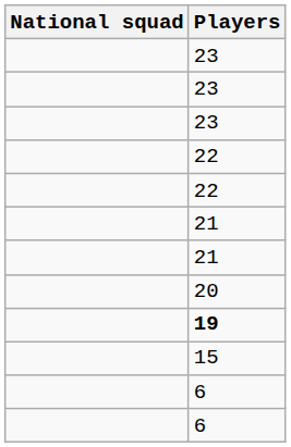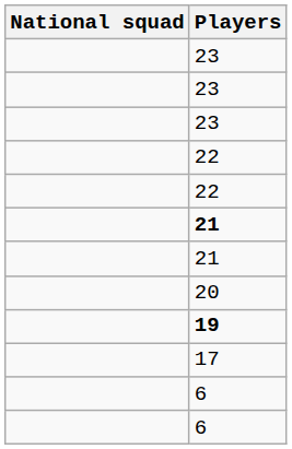 <table class="wikitable sortable">
 <tr>
 <th>National squad</th>
 <th>Players</th>
 </tr>
 <tr>
 <td></td>
 <td>23</td>
 </tr>
 <tr>
 <td></td>
 <td>23</td>
 </tr>
 <tr>
 <td></td>
 <td>23</td>
 </tr>
 <tr>
 <td></td>
 <td>22</td>
 </tr>
 <tr>
 <td></td>
 <td>22</td>
 </tr>
 <tr>
 <td></td>
-<td>21</td>
+<td><strong>21</strong></td>
 </tr>
 <tr>
 <td></td>
 <td>21</td>
 </tr>
 <tr>
 <td></td>
 <td>20</td>
 </tr>
 <tr>
 <td></td>
 <td><strong>19</strong></td>
 </tr>
 <tr>
 <td></td>
-<td>15</td>
+<td>17</td>
 </tr>
 <tr>
 <td></td>
 <td>6</td>
 </tr>
 <tr>
 <td></td>
 <td>6</td>
 </tr>
 </table>
